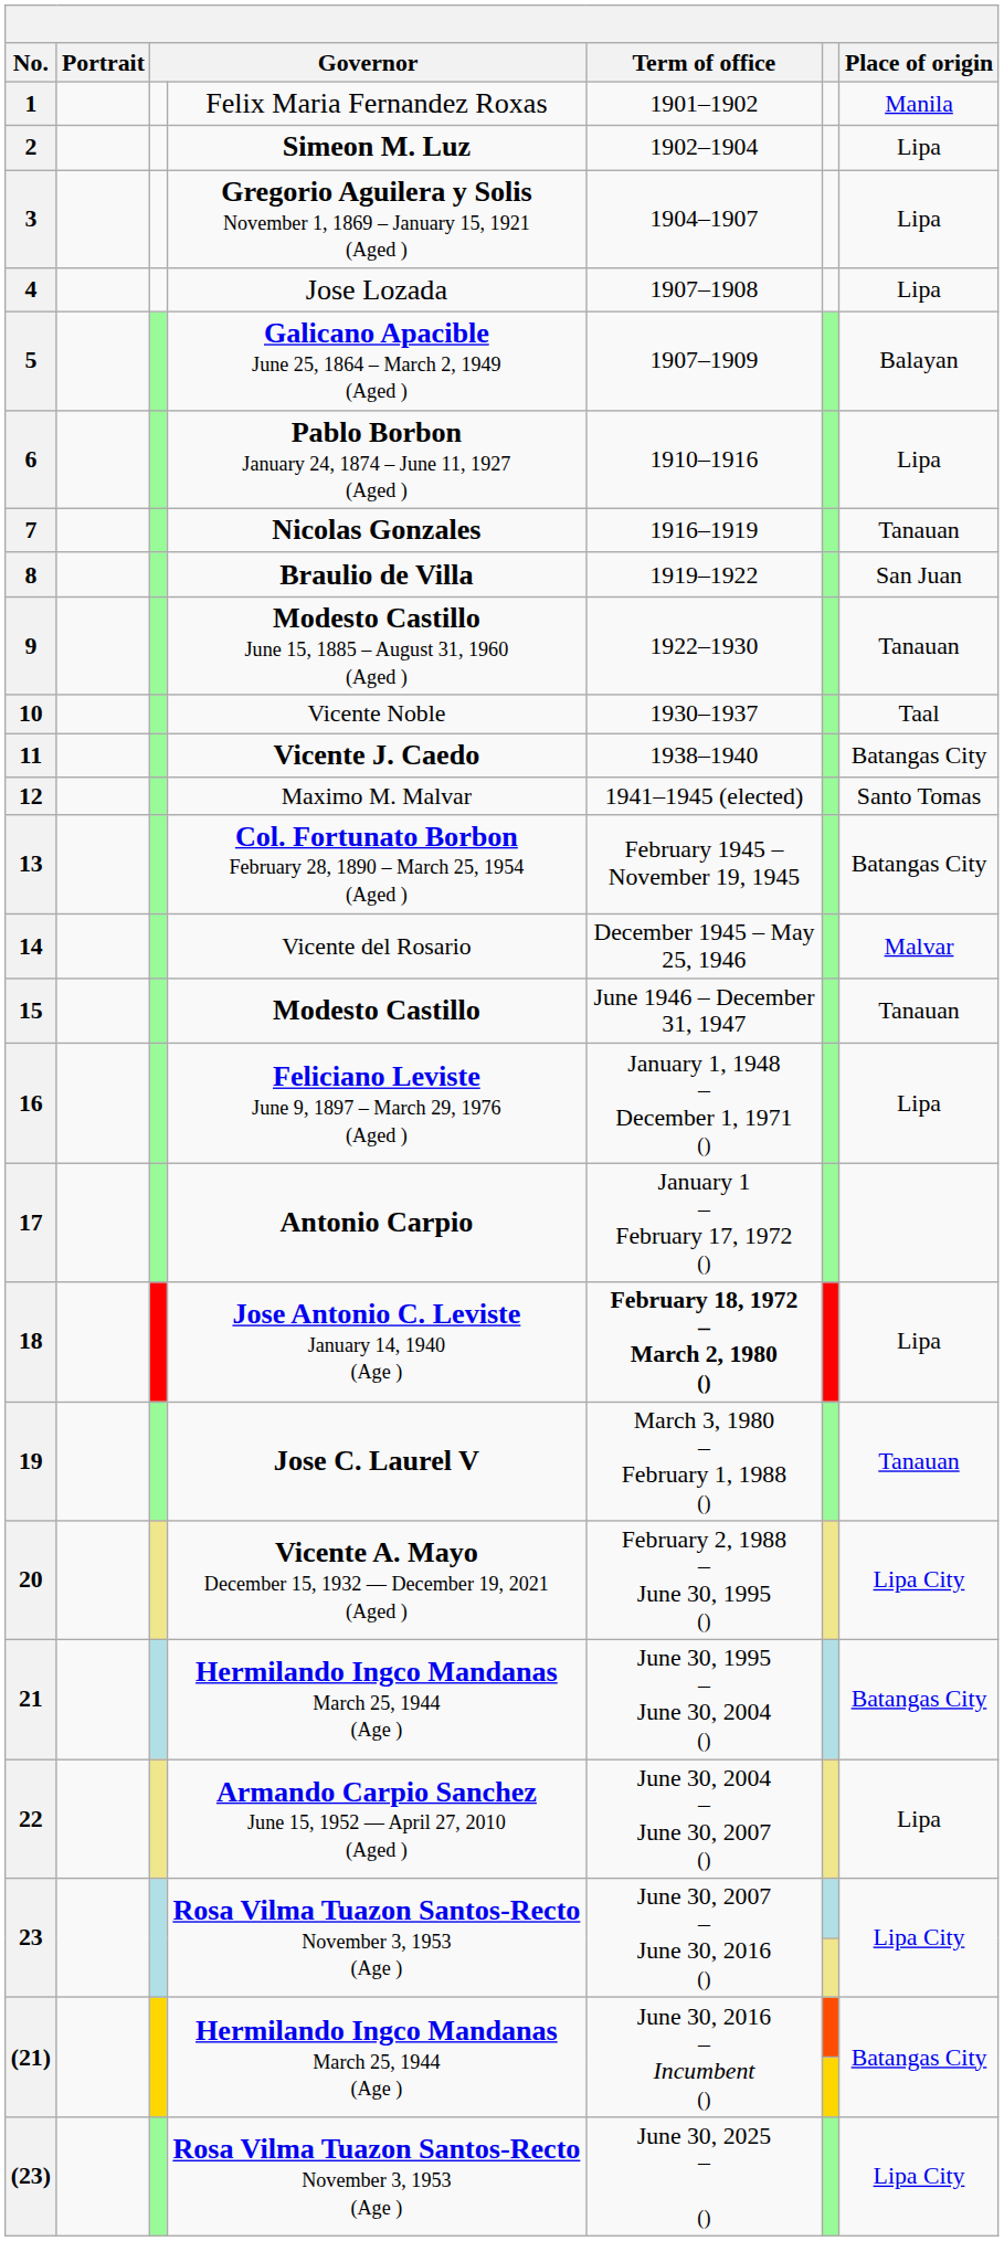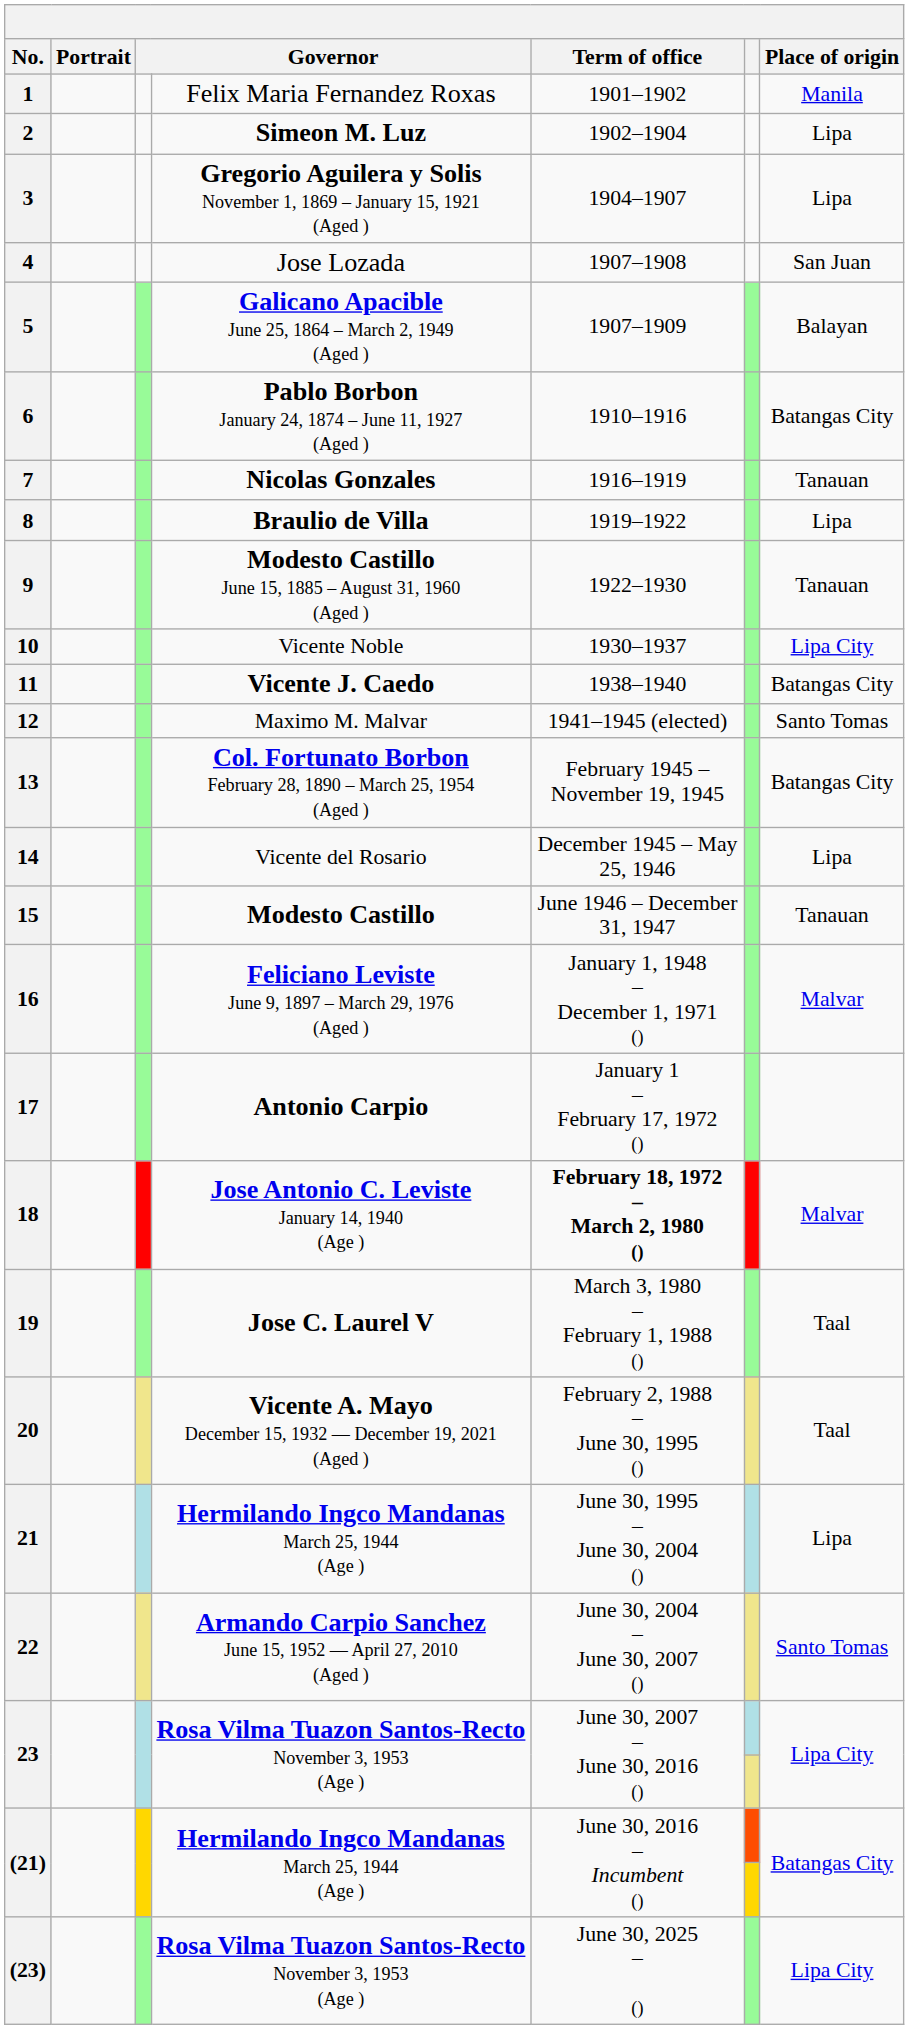 <table class="wikitable" style="text-align: center;">
 <tr>
 <th colspan="11"><br>     </th>
 </tr>
 <tr>
 <th>No.</th>
 <th>Portrait</th>
 <th colspan="2" style="width:250px;">Governor</th>
 <th style="width:150px;">Term of office</th>
 <th></th>
 <th>Place of origin</th>
 </tr>
 <tr>
 <th>1</th>
 <td></td>
 <td></td>
 <td><big>Felix Maria Fernandez Roxas</big></td>
 <td>1901–1902</td>
 <td></td>
 <td><a href='#'>Manila</a></td>
 </tr>
 <tr>
 <th>2</th>
 <td></td>
 <td></td>
 <td><big><strong>Simeon M. Luz</strong></big></td>
 <td>1902–1904</td>
 <td></td>
 <td>Lipa</td>
 </tr>
 <tr>
 <th>3</th>
 <td></td>
 <td></td>
 <td><big><strong>Gregorio Aguilera y Solis</strong></big><br><small>	November 1, 1869 – January 15, 1921<br>(Aged )</small></td>
 <td>1904–1907</td>
 <td></td>
 <td>Lipa</td>
 </tr>
 <tr>
 <th>4</th>
 <td></td>
 <td></td>
 <td><big>Jose Lozada</big></td>
 <td>1907–1908</td>
 <td></td>
-<td>Lipa</td>
+<td>San Juan</td>
 </tr>
 <tr>
 <th>5</th>
 <td></td>
 <td style="background:#98fb98;"> </td>
 <td><a href='#'><big><strong>Galicano Apacible</strong></big></a><br><small>June 25, 1864 – March 2, 1949<br>(Aged )</small></td>
 <td>1907–1909</td>
 <td style="background:#98fb98;"> </td>
 <td>Balayan</td>
 </tr>
 <tr>
 <th>6</th>
 <td></td>
 <td style="background:#98fb98;"> </td>
 <td><big><strong>Pablo Borbon</strong></big><br><small>January 24, 1874 – June 11, 1927<br>(Aged )</small></td>
 <td>1910–1916</td>
 <td style="background:#98fb98;"> </td>
-<td>Lipa</td>
+<td>Batangas City</td>
 </tr>
 <tr>
 <th>7</th>
 <td></td>
 <td style="background:#98fb98;"> </td>
 <td><big><strong>Nicolas Gonzales</strong></big></td>
 <td>1916–1919</td>
 <td style="background:#98fb98;"> </td>
 <td>Tanauan</td>
 </tr>
 <tr>
 <th>8</th>
 <td></td>
 <td style="background:#98fb98;"> </td>
 <td><big><strong>Braulio de Villa</strong></big></td>
 <td>1919–1922</td>
 <td style="background:#98fb98;"> </td>
-<td>San Juan</td>
+<td>Lipa</td>
 </tr>
 <tr>
 <th>9</th>
 <td></td>
 <td style="background:#98fb98;"> </td>
 <td><big><strong>Modesto Castillo</strong></big><br><small>June 15, 1885 – August 31, 1960<br>(Aged )</small></td>
 <td>1922–1930</td>
 <td style="background:#98fb98;"> </td>
 <td>Tanauan</td>
 </tr>
 <tr>
 <th>10</th>
 <td></td>
 <td style="background:#98fb98;"> </td>
 <td>Vicente Noble</td>
 <td>1930–1937</td>
 <td style="background:#98fb98;"> </td>
-<td>Taal</td>
+<td><a href='#'>Lipa City</a></td>
 </tr>
 <tr>
 <th>11</th>
 <td></td>
 <td style="background:#98fb98;"> </td>
 <td><big><strong>Vicente J. Caedo</strong></big></td>
 <td>1938–1940</td>
 <td style="background:#98fb98;"> </td>
 <td>Batangas City</td>
 </tr>
 <tr>
 <th>12</th>
 <td></td>
 <td style="background:#98fb98;"> </td>
 <td>Maximo M. Malvar</td>
 <td>1941–1945 (elected)</td>
 <td style="background:#98fb98;"> </td>
 <td>Santo Tomas</td>
 </tr>
 <tr>
 <th>13</th>
 <td></td>
 <td style="background:#98fb98;"> </td>
 <td><big><strong><a href='#'>Col. Fortunato Borbon</a></strong></big><br><small>February 28, 1890 – March 25, 1954 <br>(Aged )</small></td>
 <td>February 1945 – November 19, 1945</td>
 <td style="background:#98fb98;"> </td>
 <td>Batangas City</td>
 </tr>
 <tr>
 <th>14</th>
 <td></td>
 <td style="background:#98fb98;"> </td>
 <td>Vicente del Rosario</td>
 <td>December 1945 – May 25, 1946</td>
 <td style="background:#98fb98;"> </td>
-<td><a href='#'>Malvar</a></td>
+<td>Lipa</td>
 </tr>
 <tr>
 <th>15</th>
 <td></td>
 <td style="background:#98fb98;"> </td>
 <td><big><strong>Modesto Castillo</strong></big></td>
 <td>June 1946 – December 31, 1947</td>
 <td style="background:#98fb98;"> </td>
 <td>Tanauan</td>
 </tr>
 <tr>
 <th>16</th>
 <td></td>
 <td style="background:#98fb98;"> </td>
 <td><big><strong><a href='#'>Feliciano Leviste</a></strong></big><br><small>June 9, 1897 – March 29, 1976<br>(Aged )</small></td>
 <td>January 1, 1948<br>–<br>December 1, 1971<br><small>()</small></td>
 <td style="background:#98fb98;"> </td>
-<td>Lipa</td>
+<td><a href='#'>Malvar</a></td>
 </tr>
 <tr>
 <th>17</th>
 <td></td>
 <td style="background:#98fb98;"> </td>
 <td><big><strong>Antonio Carpio</strong></big></td>
 <td>January 1<br>–<br>February 17, 1972<br><small>()</small></td>
 <td style="background:#98fb98;"> </td>
 <td></td>
 </tr>
 <tr>
 <th>18</th>
 <td></td>
 <td style="background:red;"> </td>
 <td><big><strong><a href='#'>Jose Antonio C. Leviste</a></strong></big><br><small>January 14, 1940<br>(Age )</small></td>
 <td><strong>February 18, 1972<br>–<br>March 2, 1980<br><small>()</small></strong></td>
 <td style="background:red;"> </td>
-<td>Lipa</td>
+<td><a href='#'>Malvar</a></td>
 </tr>
 <tr>
 <th>19</th>
 <td></td>
 <td style="background:#98fb98;"> </td>
 <td><big><strong>Jose C. Laurel V</strong></big></td>
 <td>March 3, 1980<br>–<br>February 1, 1988<br><small>()</small></td>
 <td style="background:#98fb98;"> </td>
-<td><a href='#'>Tanauan</a></td>
+<td>Taal</td>
 </tr>
 <tr>
 <th>20</th>
 <td></td>
 <td style="background:#f0e68c;"> </td>
 <td><big><strong>Vicente A. Mayo</strong></big><br><small>December 15, 1932 — December 19, 2021 <br>(Aged )</small></td>
 <td>February 2, 1988<br>–<br>June 30, 1995<br><small>()</small></td>
 <td style="background:#f0e68c;"> </td>
-<td><a href='#'>Lipa City</a></td>
+<td>Taal</td>
 </tr>
 <tr>
 <th>21</th>
 <td></td>
 <td style="background:#B0E0E6;"> </td>
 <td><big><strong><a href='#'>Hermilando Ingco Mandanas</a></strong></big><br><small>March 25, 1944<br>(Age )</small></td>
 <td>June 30, 1995<br>–<br>June 30, 2004  <br><small>()</small></td>
 <td style="background:#B0E0E6;"> </td>
-<td><a href='#'>Batangas City</a></td>
+<td>Lipa</td>
 </tr>
 <tr>
 <th>22</th>
 <td></td>
 <td style="background:#f0e68c;"> </td>
 <td><a href='#'><big><strong>Armando Carpio Sanchez</strong></big></a><br><small>June 15, 1952 — April 27, 2010<br>(Aged )</small></td>
 <td>June 30, 2004<br>–<br>June 30, 2007 <br><small>()</small></td>
 <td style="background:#f0e68c;"> </td>
-<td>Lipa</td>
+<td><a href='#'>Santo Tomas</a></td>
 </tr>
 <tr>
 <th rowspan="2">23</th>
 <td rowspan="2"></td>
 <td rowspan="2" style="background:#B0E0E6;"> </td>
 <td rowspan="2"><big><strong><a href='#'>Rosa Vilma Tuazon Santos-Recto</a></strong></big><br><small>November 3, 1953<br>(Age )</small></td>
 <td rowspan="2">June 30, 2007<br>–<br>June 30, 2016 <br><small>()</small></td>
 <td style="background:#B0E0E6;"> </td>
 <td rowspan="2"><a href='#'>Lipa City</a></td>
 </tr>
 <tr>
 <td style="background:#f0e68c"> </td>
 </tr>
 <tr>
 <th rowspan="2">(21)</th>
 <td rowspan="2"></td>
 <td rowspan="2" style="background:#ffd700"> </td>
 <td rowspan="2"><big><strong><a href='#'>Hermilando Ingco Mandanas</a></strong></big><br><small>March 25, 1944<br>(Age )</small></td>
 <td rowspan="2">June 30, 2016<br>–<br><em>Incumbent</em> <br><small>()</small></td>
 <td style="background:#FE4D00"> </td>
 <td rowspan="2"><a href='#'>Batangas City</a></td>
 </tr>
 <tr>
 <td style="background:#ffd700"> </td>
 </tr>
 <tr>
 <th rowspan="2">(23)</th>
 <td rowspan="2"></td>
 <td rowspan="2" style="background:#98fb98;"> </td>
 <td rowspan="2"><big><strong><a href='#'>Rosa Vilma Tuazon Santos-Recto</a></strong></big><br><small>November 3, 1953<br>(Age )</small></td>
 <td rowspan="2">June 30, 2025<br>–<br><br><small>()</small></td>
 <td style="background:#98fb98;"> </td>
 <td rowspan="2"><a href='#'>Lipa City</a></td>
 </tr>
 </table>
